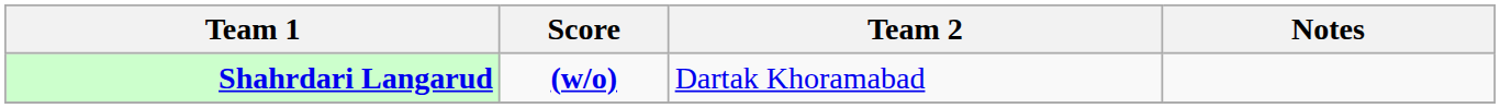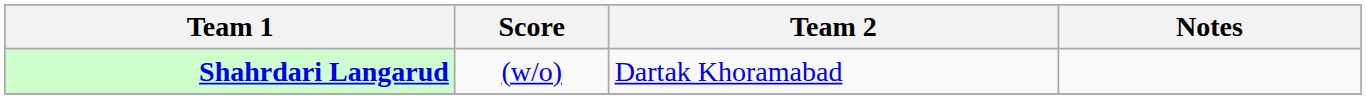 <table class="wikitable" style="text-align:center">
 <tr>
 <th width=250>Team 1</th>
 <th width=80>Score</th>
 <th width=250>Team 2</th>
 <th width=165>Notes</th>
 </tr>
 <tr>
 <td style="background:#cfc;" align="right"><strong><a href='#'>Shahrdari Langarud</a></strong></td>
-<td><strong><a href='#'>(w/o)</a></strong></td>
+<td><a href='#'>(w/o)</a></td>
 <td align="left"><a href='#'>Dartak Khoramabad</a></td>
 <td></td>
 </tr>
 <tr>
 </tr>
 </table>
